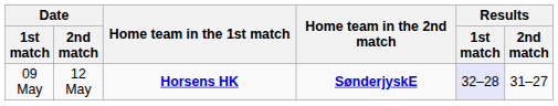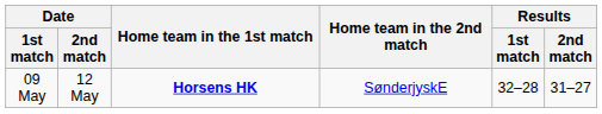 <table class="wikitable" style="text-align:center; margin-left:1em;">
 <tr>
 <th colspan="2">Date</th>
 <th rowspan="2" style="width:220px;">Home team in the 1st match</th>
 <th rowspan="2" style="width:180px;">Home team in the 2nd match</th>
 <th colspan="2">Results</th>
 </tr>
 <tr>
 <th style="width:50px;">1st match</th>
 <th style="width:50px;">2nd match</th>
 <th style="width:50px;">1st match</th>
 <th style="width:50px;">2nd match</th>
 </tr>
 <tr>
 <td>09 May</td>
 <td>12 May</td>
 <td><strong><a href='#'>Horsens HK</a></strong></td>
-<td><strong><a href='#'>SønderjyskE</a></strong></td>
-<td style="background: lavender;">32–28</td>
+<td><a href='#'>SønderjyskE</a></td>
+<td>32–28</td>
 <td>31–27</td>
 </tr>
 </table>
